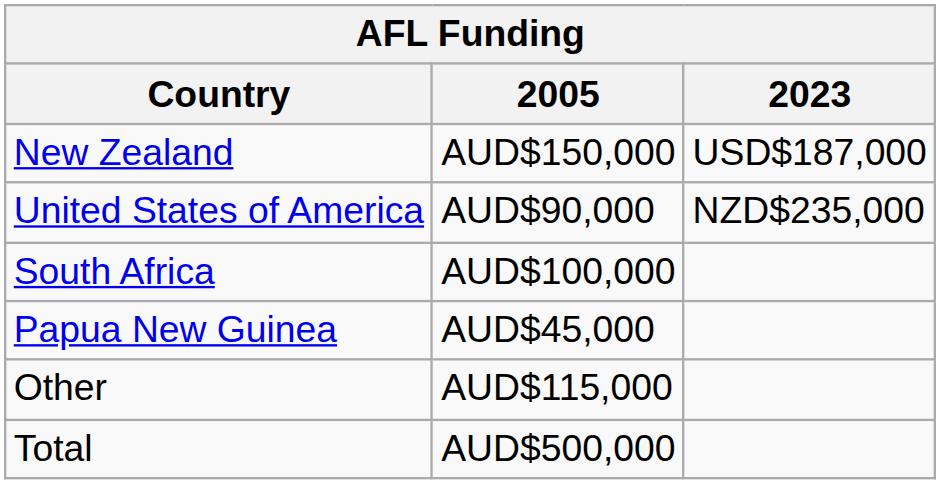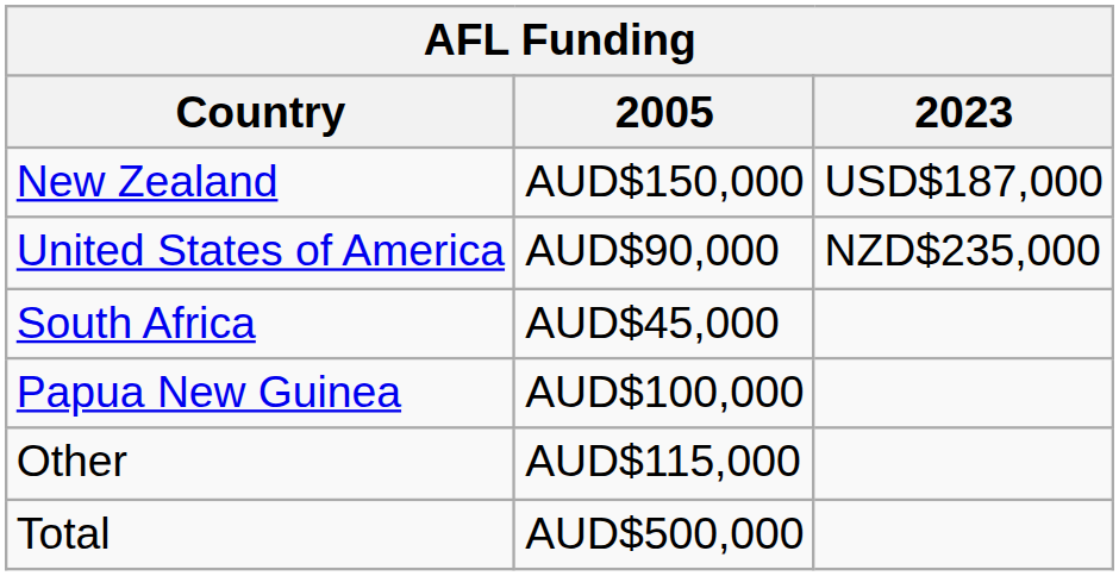 <table class="sortable wikitable">
 <tr>
 <th colspan="6">AFL Funding</th>
 </tr>
 <tr>
 <th colspan="1">Country</th>
 <th colspan="1">2005</th>
 <th>2023</th>
 </tr>
 <tr>
 <td><a href='#'>New Zealand</a></td>
 <td>AUD$150,000</td>
 <td>USD$187,000</td>
 </tr>
 <tr>
 <td><a href='#'>United States of America</a></td>
 <td>AUD$90,000</td>
 <td>NZD$235,000</td>
 </tr>
 <tr>
 <td><a href='#'>South Africa</a></td>
-<td>AUD$100,000</td>
+<td>AUD$45,000</td>
 <td></td>
 </tr>
 <tr>
 <td><a href='#'>Papua New Guinea</a></td>
-<td>AUD$45,000</td>
+<td>AUD$100,000</td>
 <td></td>
 </tr>
 <tr>
 <td>Other</td>
 <td>AUD$115,000</td>
 <td></td>
 </tr>
 <tr>
 <td>Total</td>
 <td>AUD$500,000</td>
 <td></td>
 </tr>
 </table>
